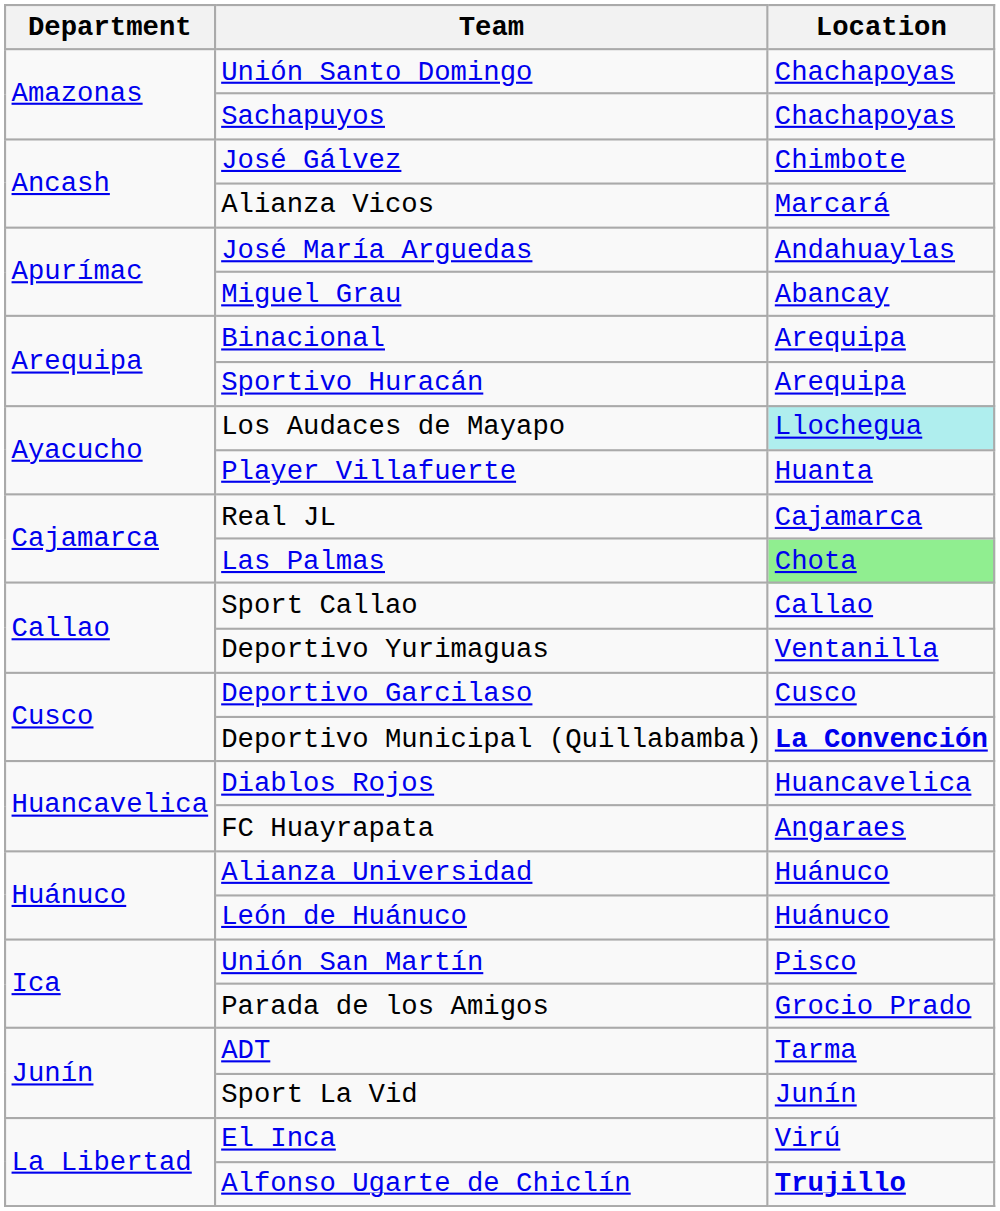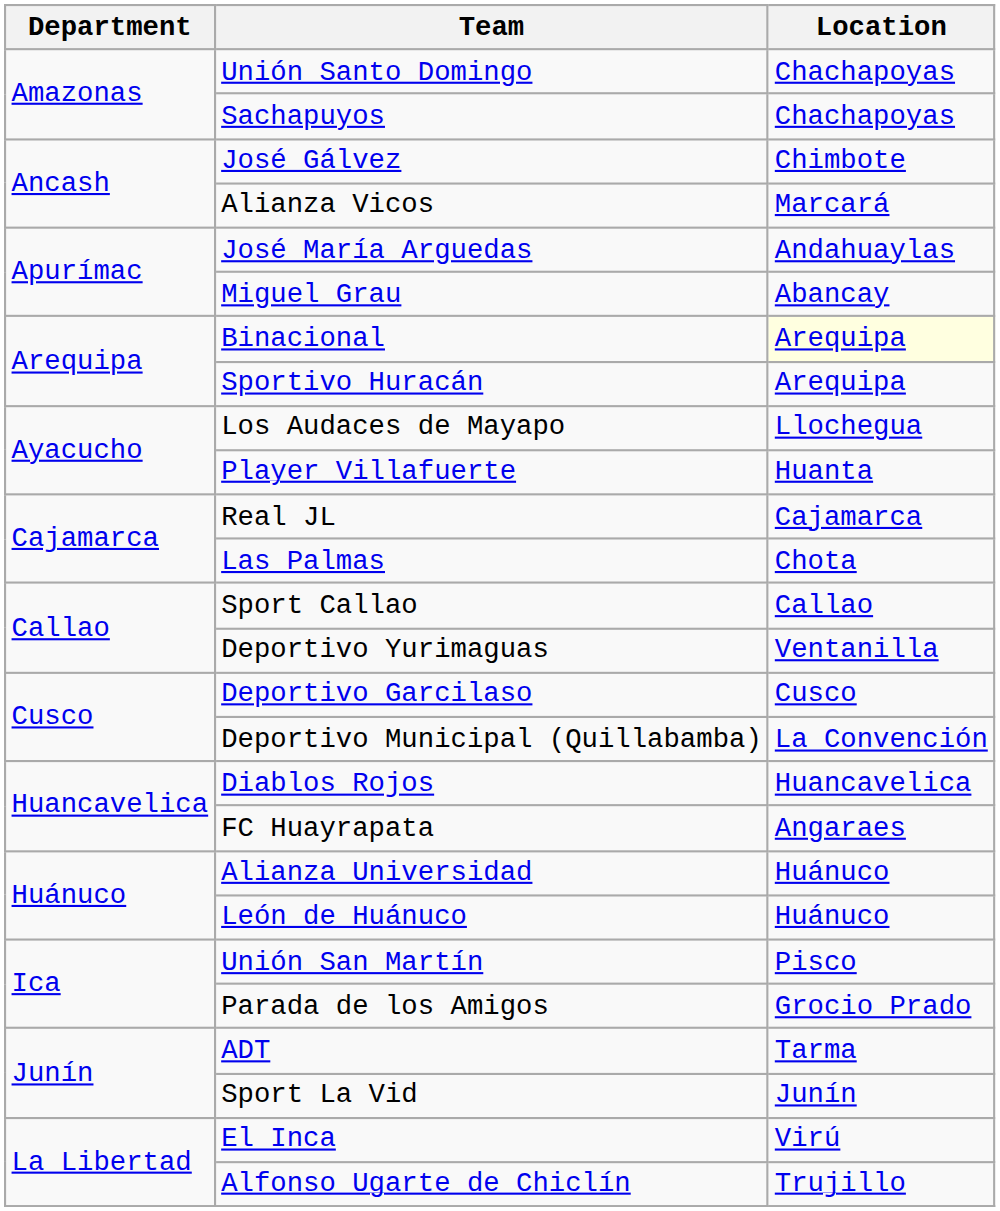 <table class="wikitable">
 <tr>
 <th>Department</th>
 <th>Team</th>
 <th>Location</th>
 </tr>
 <tr>
 <td rowspan="2"><a href='#'>Amazonas</a></td>
 <td><a href='#'>Unión Santo Domingo</a></td>
 <td><a href='#'>Chachapoyas</a></td>
 </tr>
 <tr>
 <td><a href='#'>Sachapuyos</a></td>
 <td><a href='#'>Chachapoyas</a></td>
 </tr>
 <tr>
 <td rowspan="2"><a href='#'>Ancash</a></td>
 <td><a href='#'>José Gálvez</a></td>
 <td><a href='#'>Chimbote</a></td>
 </tr>
 <tr>
 <td>Alianza Vicos</td>
 <td><a href='#'>Marcará</a></td>
 </tr>
 <tr>
 <td rowspan="2"><a href='#'>Apurímac</a></td>
 <td><a href='#'>José María Arguedas</a></td>
 <td><a href='#'>Andahuaylas</a></td>
 </tr>
 <tr>
 <td><a href='#'>Miguel Grau</a></td>
 <td><a href='#'>Abancay</a></td>
 </tr>
 <tr>
 <td rowspan="2"><a href='#'>Arequipa</a></td>
 <td><a href='#'>Binacional</a></td>
-<td><a href='#'>Arequipa</a></td>
+<td style="background: lightyellow;"><a href='#'>Arequipa</a></td>
 </tr>
 <tr>
 <td><a href='#'>Sportivo Huracán</a></td>
 <td><a href='#'>Arequipa</a></td>
 </tr>
 <tr>
 <td rowspan="2"><a href='#'>Ayacucho</a></td>
 <td>Los Audaces de Mayapo</td>
-<td style="background: paleturquoise;"><a href='#'>Llochegua</a></td>
+<td><a href='#'>Llochegua</a></td>
 </tr>
 <tr>
 <td><a href='#'>Player Villafuerte</a></td>
 <td><a href='#'>Huanta</a></td>
 </tr>
 <tr>
 <td rowspan="2"><a href='#'>Cajamarca</a></td>
 <td>Real JL</td>
 <td><a href='#'>Cajamarca</a></td>
 </tr>
 <tr>
 <td><a href='#'>Las Palmas</a></td>
-<td style="background: lightgreen;"><a href='#'>Chota</a></td>
+<td><a href='#'>Chota</a></td>
 </tr>
 <tr>
 <td rowspan="2"><a href='#'>Callao</a></td>
 <td>Sport Callao</td>
 <td><a href='#'>Callao</a></td>
 </tr>
 <tr>
 <td>Deportivo Yurimaguas</td>
 <td><a href='#'>Ventanilla</a></td>
 </tr>
 <tr>
 <td rowspan="2"><a href='#'>Cusco</a></td>
 <td><a href='#'>Deportivo Garcilaso</a></td>
 <td><a href='#'>Cusco</a></td>
 </tr>
 <tr>
 <td>Deportivo Municipal (Quillabamba)</td>
-<td><strong><a href='#'>La Convención</a></strong></td>
+<td><a href='#'>La Convención</a></td>
 </tr>
 <tr>
 <td rowspan="2"><a href='#'>Huancavelica</a></td>
 <td><a href='#'>Diablos Rojos</a></td>
 <td><a href='#'>Huancavelica</a></td>
 </tr>
 <tr>
 <td>FC Huayrapata</td>
 <td><a href='#'>Angaraes</a></td>
 </tr>
 <tr>
 <td rowspan="2"><a href='#'>Huánuco</a></td>
 <td><a href='#'>Alianza Universidad</a></td>
 <td><a href='#'>Huánuco</a></td>
 </tr>
 <tr>
 <td><a href='#'>León de Huánuco</a></td>
 <td><a href='#'>Huánuco</a></td>
 </tr>
 <tr>
 <td rowspan="2"><a href='#'>Ica</a></td>
 <td><a href='#'>Unión San Martín</a></td>
 <td><a href='#'>Pisco</a></td>
 </tr>
 <tr>
 <td>Parada de los Amigos</td>
 <td><a href='#'>Grocio Prado</a></td>
 </tr>
 <tr>
 <td rowspan="2"><a href='#'>Junín</a></td>
 <td><a href='#'>ADT</a></td>
 <td><a href='#'>Tarma</a></td>
 </tr>
 <tr>
 <td>Sport La Vid</td>
 <td><a href='#'>Junín</a></td>
 </tr>
 <tr>
 <td rowspan="2"><a href='#'>La Libertad</a></td>
 <td><a href='#'>El Inca</a></td>
 <td><a href='#'>Virú</a></td>
 </tr>
 <tr>
 <td><a href='#'>Alfonso Ugarte de Chiclín</a></td>
-<td><strong><a href='#'>Trujillo</a></strong></td>
+<td><a href='#'>Trujillo</a></td>
 </tr>
 <tr>
 </tr>
 </table>
